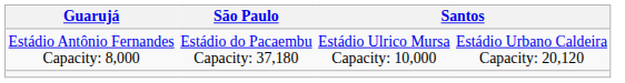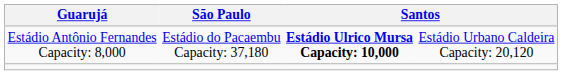 <table class="wikitable" style="text-align:center;">
 <tr>
 <th style="border-left:none; border-right:none;"><a href='#'>Guarujá</a></th>
 <th style="border-left:none; border-right:none;"><a href='#'>São Paulo</a></th>
 <th style="border-left:none; border-right:none;" colspan="2"><a href='#'>Santos</a></th>
 </tr>
 <tr>
 <td style="border-left:none; border-right:none;"><a href='#'>Estádio Antônio Fernandes</a><br>Capacity: 8,000</td>
 <td style="border-left:none; border-right:none;"><a href='#'>Estádio do Pacaembu</a><br>Capacity: 37,180</td>
-<td style="border-left:none; border-right:none;"><a href='#'>Estádio Ulrico Mursa</a><br>Capacity: 10,000</td>
+<td style="border-left:none; border-right:none;"><strong><a href='#'>Estádio Ulrico Mursa</a><br>Capacity: 10,000</strong></td>
 <td style="border-left:none; border-right:none;"><a href='#'>Estádio Urbano Caldeira</a><br>Capacity: 20,120</td>
 </tr>
 <tr>
 <td style="border:none;"></td>
 <td style="border:none;"></td>
 <td style="border:none;"></td>
 <td style="border:none;"></td>
 </tr>
 <tr>
 </tr>
 </table>
